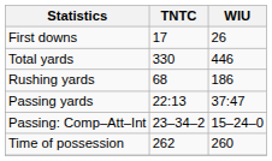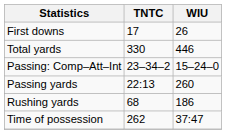 <table class="wikitable" style="float: left;">
 <tr>
 <th>Statistics</th>
 <th>TNTC</th>
 <th>WIU</th>
 </tr>
 <tr>
 <td>First downs</td>
 <td>17</td>
 <td>26</td>
 </tr>
 <tr>
 <td>Total yards</td>
 <td>330</td>
 <td>446</td>
 </tr>
 <tr>
+<td>Passing: Comp–Att–Int</td>
+<td>23–34–2</td>
+<td>15–24–0</td>
+</tr>
+<tr>
+<td>Passing yards</td>
+<td>22:13</td>
+<td>260</td>
+</tr>
+<tr>
 <td>Rushing yards</td>
 <td>68</td>
 <td>186</td>
 </tr>
 <tr>
-<td>Passing yards</td>
-<td>22:13</td>
-<td>37:47</td>
-</tr>
-<tr>
-<td>Passing: Comp–Att–Int</td>
-<td>23–34–2</td>
-<td>15–24–0</td>
-</tr>
-<tr>
 <td>Time of possession</td>
 <td>262</td>
-<td>260</td>
+<td>37:47</td>
 </tr>
 <tr>
 </tr>
 </table>
